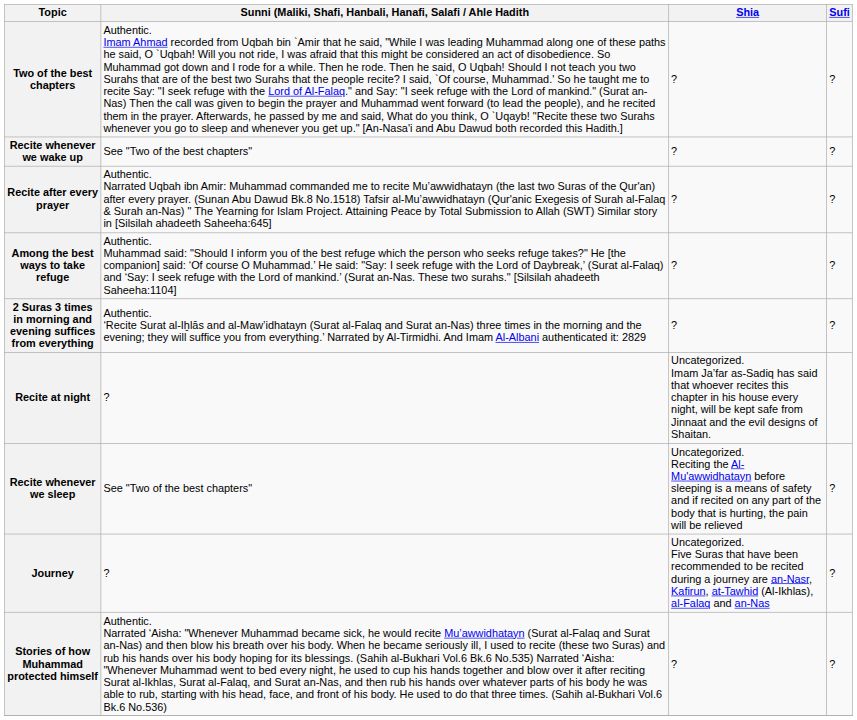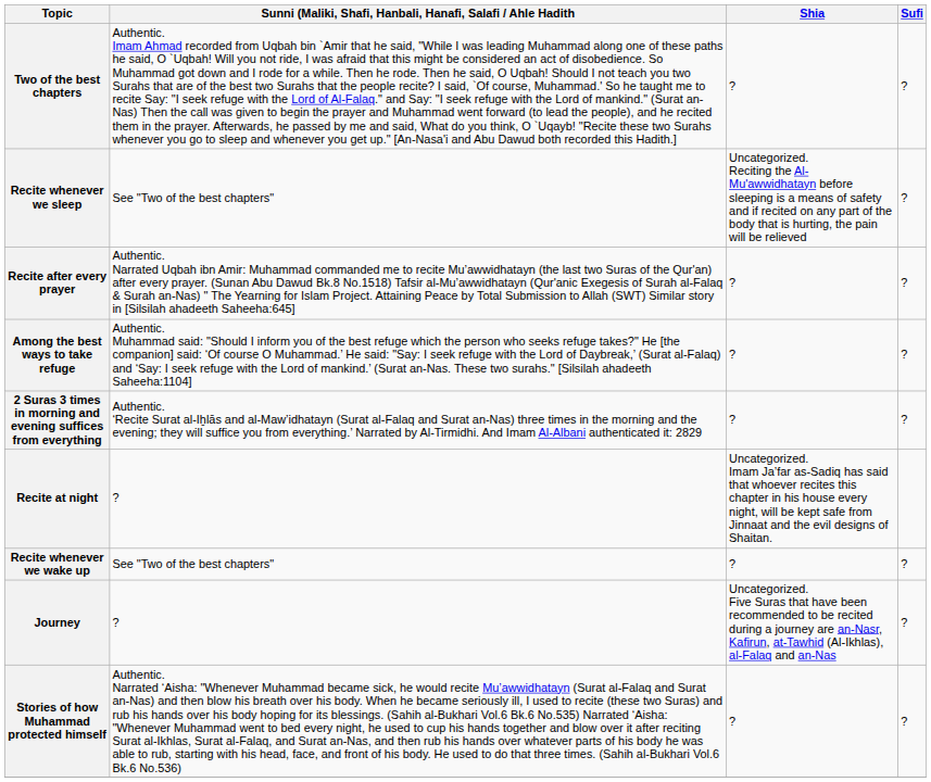 <table class="sortable wikitable plainrowheaders">
 <tr class="unsortable">
 <th scope="col">Topic</th>
 <th scope="col">Sunni (Maliki, Shafi, Hanbali, Hanafi, Salafi / Ahle Hadith</th>
 <th scope="col"><a href='#'>Shia</a></th>
 <th scope="col"><a href='#'>Sufi</a></th>
 </tr>
 <tr>
 <th scope="row">Two of the best chapters</th>
 <td>Authentic.<br><a href='#'>Imam Ahmad</a> recorded from Uqbah bin `Amir that he said, "While I was leading Muhammad along one of these paths he said, O `Uqbah! Will you not ride, I was afraid that this might be considered an act of disobedience. So Muhammad got down and I rode for a while. Then he rode. Then he said, O Uqbah! Should I not teach you two Surahs that are of the best two Surahs that the people recite? I said, `Of course, Muhammad.' So he taught me to recite Say: "I seek refuge with the <a href='#'>Lord of Al-Falaq</a>." and Say: "I seek refuge with the Lord of mankind." (Surat an-Nas) Then the call was given to begin the prayer and Muhammad went forward (to lead the people), and he recited them in the prayer. Afterwards, he passed by me and said, What do you think, O `Uqayb! "Recite these two Surahs whenever you go to sleep and whenever you get up." [An-Nasa'i and Abu Dawud both recorded this Hadith.]</td>
 <td>?</td>
 <td>?</td>
 </tr>
 <tr>
-<th scope="row">Recite whenever we wake up</th>
+<th scope=" row">Recite whenever we sleep</th>
 <td>See "Two of the best chapters"</td>
-<td>?</td>
+<td>Uncategorized.<br>Reciting the <a href='#'>Al-Mu'awwidhatayn</a> before sleeping is a means of safety and if recited on any part of the body that is hurting, the pain will be relieved</td>
 <td>?</td>
 </tr>
 <tr>
 <th scope="row">Recite after every prayer</th>
 <td>Authentic.<br>Narrated Uqbah ibn Amir: Muhammad commanded me to recite Mu’awwidhatayn (the last two Suras of the Qur'an) after every prayer. (Sunan Abu Dawud Bk.8 No.1518) Tafsir al-Mu’awwidhatayn (Qur'anic Exegesis of Surah al-Falaq & Surah an-Nas) " The Yearning for Islam Project. Attaining Peace by Total Submission to  Allah (SWT) Similar story in [Silsilah ahadeeth Saheeha:645]</td>
 <td>?</td>
 <td>?</td>
 </tr>
 <tr>
 <th scope="row">Among the best ways to take refuge</th>
 <td>Authentic.<br>Muhammad said: "Should I inform you of the best refuge which the person who seeks refuge takes?" He [the companion] said: ‘Of course O Muhammad.’ He said: "Say: I seek refuge with the Lord of Daybreak,’ (Surat al-Falaq) and ‘Say: I seek refuge with the Lord of mankind.’ (Surat an-Nas. These two surahs." [Silsilah ahadeeth Saheeha:1104] </td>
 <td>?</td>
 <td>?</td>
 </tr>
 <tr>
 <th scope=" row">2 Suras 3 times in morning and evening suffices from everything</th>
 <td>Authentic.<br>‘Recite  Surat al-Iḫlās and al-Maw’idhatayn (Surat al-Falaq and Surat an-Nas) three times in the morning and the evening; they will suffice you from everything.’ Narrated by  Al-Tirmidhi. And Imam <a href='#'>Al-Albani</a> authenticated it: 2829</td>
 <td>?</td>
 <td>?</td>
 </tr>
 <tr>
 <th scope="row">Recite at night</th>
 <td>?</td>
 <td>Uncategorized.<br>Imam Ja’far as-Sadiq has said that whoever recites this chapter in his house every night, will be kept safe from Jinnaat and the evil designs of Shaitan.</td>
 <td></td>
 </tr>
 <tr>
-<th scope=" row">Recite whenever we sleep</th>
+<th scope="row">Recite whenever we wake up</th>
 <td>See "Two of the best chapters"</td>
-<td>Uncategorized.<br>Reciting the <a href='#'>Al-Mu'awwidhatayn</a> before sleeping is a means of safety and if recited on any part of the body that is hurting, the pain will be relieved</td>
+<td>?</td>
 <td>?</td>
 </tr>
 <tr>
 <th scope="row">Journey</th>
 <td>?</td>
 <td>Uncategorized.<br>Five Suras that have been recommended to be recited during a journey are <a href='#'>an-Nasr</a>, <a href='#'>Kafirun</a>, <a href='#'>at-Tawhid</a> (Al-Ikhlas), <a href='#'>al-Falaq</a> and <a href='#'>an-Nas</a></td>
 <td>?</td>
 </tr>
 <tr>
 <th scope="row">Stories of how Muhammad protected himself</th>
 <td>Authentic.<br>Narrated ‘Aisha: "Whenever Muhammad became sick, he would recite <a href='#'>Mu’awwidhatayn</a> (Surat al-Falaq and Surat an-Nas) and then blow his breath over his body. When he became seriously ill, I used to recite (these two Suras) and rub his hands over his body hoping for its blessings. (Sahih al-Bukhari Vol.6 Bk.6 No.535) Narrated ‘Aisha: "Whenever Muhammad went to bed every night, he used to cup his hands together and blow over it after reciting Surat al-Ikhlas, Surat al-Falaq, and Surat an-Nas, and then rub his hands over whatever parts of his body he was able to rub, starting with his head, face, and front of his body. He used to do that three times. (Sahih al-Bukhari Vol.6 Bk.6 No.536)</td>
 <td>?</td>
 <td>?</td>
 </tr>
 <tr>
 </tr>
 </table>
